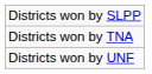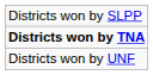 <table class="wikitable">
 <tr>
 <td>Districts won by <a href='#'>SLPP</a></td>
 </tr>
 <tr>
-<td>Districts won by <a href='#'>TNA</a></td>
+<td><strong>Districts won by <a href='#'>TNA</a></strong></td>
 </tr>
 <tr>
 <td>Districts won by <a href='#'>UNF</a></td>
 </tr>
 </table>
